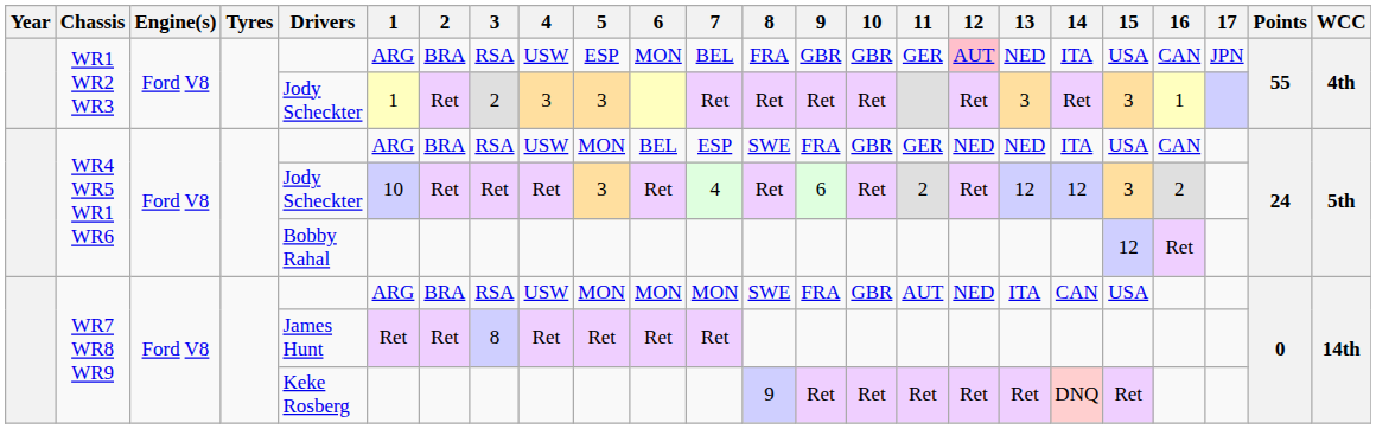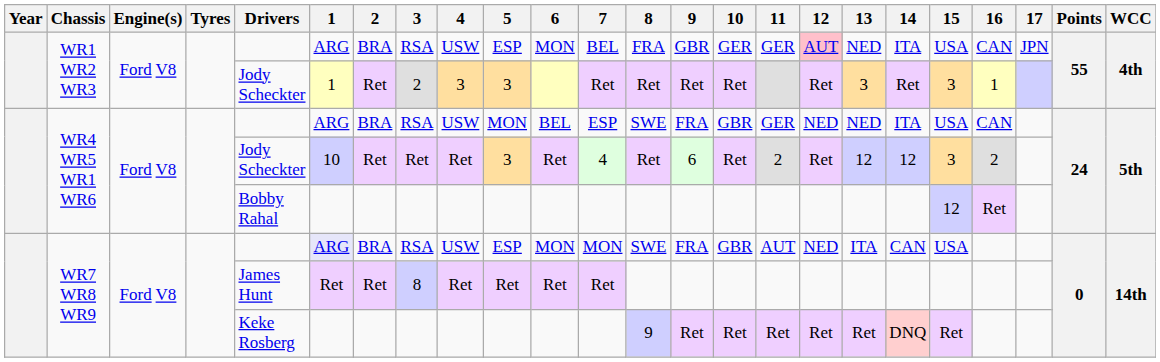 <table class="wikitable" style="text-align:center; font-size:85%">
 <tr>
 <th>Year</th>
 <th>Chassis</th>
 <th>Engine(s)</th>
 <th>Tyres</th>
 <th>Drivers</th>
 <th>1</th>
 <th>2</th>
 <th>3</th>
 <th>4</th>
 <th>5</th>
 <th>6</th>
 <th>7</th>
 <th>8</th>
 <th>9</th>
 <th>10</th>
 <th>11</th>
 <th>12</th>
 <th>13</th>
 <th>14</th>
 <th>15</th>
 <th>16</th>
 <th>17</th>
 <th>Points</th>
 <th>WCC</th>
 </tr>
 <tr>
 <th rowspan="2"></th>
 <td rowspan="2"><a href='#'>WR1</a><br><a href='#'>WR2</a><br><a href='#'>WR3</a></td>
 <td rowspan="2"><a href='#'>Ford</a> <a href='#'>V8</a></td>
 <td rowspan="2"></td>
 <td></td>
 <td><a href='#'>ARG</a></td>
 <td><a href='#'>BRA</a></td>
 <td><a href='#'>RSA</a></td>
 <td><a href='#'>USW</a></td>
 <td><a href='#'>ESP</a></td>
 <td><a href='#'>MON</a></td>
 <td><a href='#'>BEL</a></td>
 <td><a href='#'>FRA</a></td>
 <td><a href='#'>GBR</a></td>
-<td><a href='#'>GBR</a></td>
+<td><a href='#'>GER</a></td>
 <td><a href='#'>GER</a></td>
 <td style="background: pink;"><a href='#'>AUT</a></td>
 <td><a href='#'>NED</a></td>
 <td><a href='#'>ITA</a></td>
 <td><a href='#'>USA</a></td>
 <td><a href='#'>CAN</a></td>
 <td><a href='#'>JPN</a></td>
 <th rowspan="2">55</th>
 <th rowspan="2">4th</th>
 </tr>
 <tr>
 <td align="left"> <a href='#'>Jody Scheckter</a></td>
 <td style="background:#FFFFBF;">1</td>
 <td style="background:#EFCFFF;">Ret</td>
 <td style="background:#DFDFDF;">2</td>
 <td style="background:#FFDF9F;">3</td>
 <td style="background:#FFDF9F;">3</td>
 <td style="background:#FFFFBF;"></td>
 <td style="background:#EFCFFF;">Ret</td>
 <td style="background:#EFCFFF;">Ret</td>
 <td style="background:#EFCFFF;">Ret</td>
 <td style="background:#EFCFFF;">Ret</td>
 <td style="background:#DFDFDF;"></td>
 <td style="background:#EFCFFF;">Ret</td>
 <td style="background:#FFDF9F;">3</td>
 <td style="background:#EFCFFF;">Ret</td>
 <td style="background:#FFDF9F;">3</td>
 <td style="background:#FFFFBF;">1</td>
 <td style="background:#CFCFFF;"></td>
 </tr>
 <tr>
 <th rowspan="3"></th>
 <td rowspan="3"><a href='#'>WR4</a><br><a href='#'>WR5</a><br><a href='#'>WR1</a><br><a href='#'>WR6</a></td>
 <td rowspan="3"><a href='#'>Ford</a> <a href='#'>V8</a></td>
 <td rowspan="3"></td>
 <td></td>
 <td><a href='#'>ARG</a></td>
 <td><a href='#'>BRA</a></td>
 <td><a href='#'>RSA</a></td>
 <td><a href='#'>USW</a></td>
 <td><a href='#'>MON</a></td>
 <td><a href='#'>BEL</a></td>
 <td><a href='#'>ESP</a></td>
 <td><a href='#'>SWE</a></td>
 <td><a href='#'>FRA</a></td>
 <td><a href='#'>GBR</a></td>
 <td><a href='#'>GER</a></td>
 <td><a href='#'>NED</a></td>
 <td><a href='#'>NED</a></td>
 <td><a href='#'>ITA</a></td>
 <td><a href='#'>USA</a></td>
 <td><a href='#'>CAN</a></td>
 <td></td>
 <th rowspan="3">24</th>
 <th rowspan="3">5th</th>
 </tr>
 <tr>
 <td align="left"> <a href='#'>Jody Scheckter</a></td>
 <td style="background:#CFCFFF;">10</td>
 <td style="background:#EFCFFF;">Ret</td>
 <td style="background:#EFCFFF;">Ret</td>
 <td style="background:#EFCFFF;">Ret</td>
 <td style="background:#FFDF9F;">3</td>
 <td style="background:#EFCFFF;">Ret</td>
 <td style="background:#DFFFDF;">4</td>
 <td style="background:#EFCFFF;">Ret</td>
 <td style="background:#DFFFDF;">6</td>
 <td style="background:#EFCFFF;">Ret</td>
 <td style="background:#DFDFDF;">2</td>
 <td style="background:#EFCFFF;">Ret</td>
 <td style="background:#CFCFFF;">12</td>
 <td style="background:#CFCFFF;">12</td>
 <td style="background:#FFDF9F;">3</td>
 <td style="background:#DFDFDF;">2</td>
 <td></td>
 </tr>
 <tr>
 <td align="left"> <a href='#'>Bobby Rahal</a></td>
 <td></td>
 <td></td>
 <td></td>
 <td></td>
 <td></td>
 <td></td>
 <td></td>
 <td></td>
 <td></td>
 <td></td>
 <td></td>
 <td></td>
 <td></td>
 <td></td>
 <td style="background:#CFCFFF;">12</td>
 <td style="background:#EFCFFF;">Ret</td>
 <td></td>
 </tr>
 <tr>
 <th rowspan="3"></th>
 <td rowspan="3"><a href='#'>WR7</a><br><a href='#'>WR8</a><br><a href='#'>WR9</a></td>
 <td rowspan="3"><a href='#'>Ford</a> <a href='#'>V8</a></td>
 <td rowspan="3"></td>
 <td></td>
-<td><a href='#'>ARG</a></td>
+<td style="background: lavender;"><a href='#'>ARG</a></td>
 <td><a href='#'>BRA</a></td>
 <td><a href='#'>RSA</a></td>
 <td><a href='#'>USW</a></td>
-<td><a href='#'>MON</a></td>
+<td><a href='#'>ESP</a></td>
 <td><a href='#'>MON</a></td>
 <td><a href='#'>MON</a></td>
 <td><a href='#'>SWE</a></td>
 <td><a href='#'>FRA</a></td>
 <td><a href='#'>GBR</a></td>
 <td><a href='#'>AUT</a></td>
 <td><a href='#'>NED</a></td>
 <td><a href='#'>ITA</a></td>
 <td><a href='#'>CAN</a></td>
 <td><a href='#'>USA</a></td>
 <td></td>
 <td></td>
 <th rowspan="3">0</th>
 <th rowspan="3">14th</th>
 </tr>
 <tr>
 <td align="left"> <a href='#'>James Hunt</a></td>
 <td style="background:#EFCFFF;">Ret</td>
 <td style="background:#EFCFFF;">Ret</td>
 <td style="background:#CFCFFF;">8</td>
 <td style="background:#EFCFFF;">Ret</td>
 <td style="background:#EFCFFF;">Ret</td>
 <td style="background:#EFCFFF;">Ret</td>
 <td style="background:#EFCFFF;">Ret</td>
 <td></td>
 <td></td>
 <td></td>
 <td></td>
 <td></td>
 <td></td>
 <td></td>
 <td></td>
 <td></td>
 <td></td>
 </tr>
 <tr>
 <td align="left"> <a href='#'>Keke Rosberg</a></td>
 <td></td>
 <td></td>
 <td></td>
 <td></td>
 <td></td>
 <td></td>
 <td></td>
 <td style="background:#CFCFFF;">9</td>
 <td style="background:#EFCFFF;">Ret</td>
 <td style="background:#EFCFFF;">Ret</td>
 <td style="background:#EFCFFF;">Ret</td>
 <td style="background:#EFCFFF;">Ret</td>
 <td style="background:#EFCFFF;">Ret</td>
 <td style="background:#FFCFCF;">DNQ</td>
 <td style="background:#EFCFFF;">Ret</td>
 <td></td>
 <td></td>
 </tr>
 </table>
